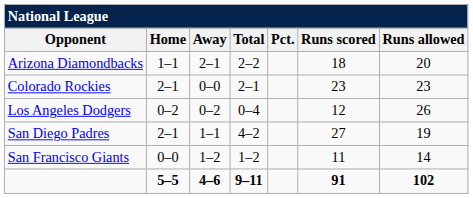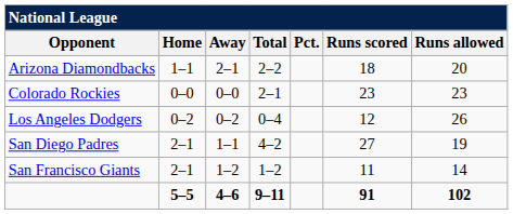 <table class="wikitable" style="font-size: 95%; text-align: center">
 <tr>
 <td colspan="7" style="text-align:left; background:#03224c;color:#fff"><strong>National League</strong></td>
 </tr>
 <tr>
 <th>Opponent</th>
 <th>Home</th>
 <th>Away</th>
 <th>Total</th>
 <th>Pct.</th>
 <th>Runs scored</th>
 <th>Runs allowed</th>
 </tr>
 <tr>
 <td style="text-align:left"><a href='#'>Arizona Diamondbacks</a></td>
 <td>1–1</td>
 <td>2–1</td>
 <td>2–2</td>
 <td></td>
 <td>18</td>
 <td>20</td>
 </tr>
 <tr>
 <td style="text-align:left"><a href='#'>Colorado Rockies</a></td>
-<td>2–1</td>
+<td>0–0</td>
 <td>0–0</td>
 <td>2–1</td>
 <td></td>
 <td>23</td>
 <td>23</td>
 </tr>
 <tr>
 <td style="text-align:left"><a href='#'>Los Angeles Dodgers</a></td>
 <td>0–2</td>
 <td>0–2</td>
 <td>0–4</td>
 <td></td>
 <td>12</td>
 <td>26</td>
 </tr>
 <tr>
 <td style="text-align:left"><a href='#'>San Diego Padres</a></td>
 <td>2–1</td>
 <td>1–1</td>
 <td>4–2</td>
 <td></td>
 <td>27</td>
 <td>19</td>
 </tr>
 <tr>
 <td style="text-align:left"><a href='#'>San Francisco Giants</a></td>
-<td>0–0</td>
+<td>2–1</td>
 <td>1–2</td>
 <td>1–2</td>
 <td></td>
 <td>11</td>
 <td>14</td>
 </tr>
 <tr style="font-weight:bold">
 <td></td>
 <td>5–5</td>
 <td>4–6</td>
 <td>9–11</td>
 <td></td>
 <td>91</td>
 <td>102</td>
 </tr>
 </table>
